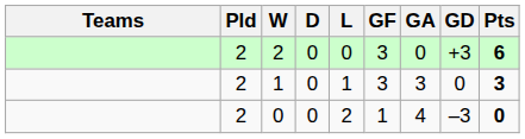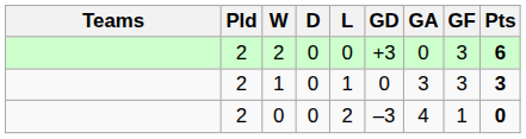 <table class="wikitable" style="text-align: center;">
 <tr>
 <th width=165>Teams</th>
 <th width=20>Pld</th>
 <th width=20>W</th>
 <th width=20>D</th>
 <th width=20>L</th>
+<th width=20>GD</th>
+<th width=20>GA</th>
 <th width=20>GF</th>
-<th width=20>GA</th>
-<th width=20>GD</th>
 <th width=20>Pts</th>
 </tr>
 <tr align=center style="background:#ccffcc;">
 <td style="text-align:left;"></td>
 <td>2</td>
 <td>2</td>
 <td>0</td>
 <td>0</td>
+<td>+3</td>
+<td>0</td>
 <td>3</td>
-<td>0</td>
-<td>+3</td>
 <td><strong>6</strong></td>
 </tr>
 <tr align=center>
 <td style="text-align:left;"></td>
 <td>2</td>
 <td>1</td>
 <td>0</td>
 <td>1</td>
+<td>0</td>
 <td>3</td>
 <td>3</td>
-<td>0</td>
 <td><strong>3</strong></td>
 </tr>
 <tr align=center>
 <td style="text-align:left;"></td>
 <td>2</td>
 <td>0</td>
 <td>0</td>
 <td>2</td>
+<td>–3</td>
+<td>4</td>
 <td>1</td>
-<td>4</td>
-<td>–3</td>
 <td><strong>0</strong></td>
 </tr>
 </table>
